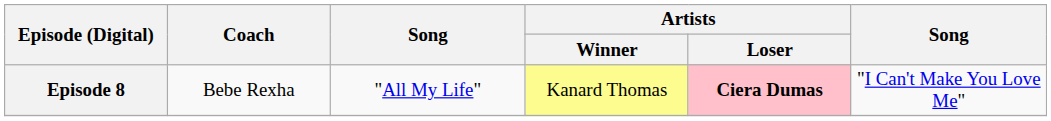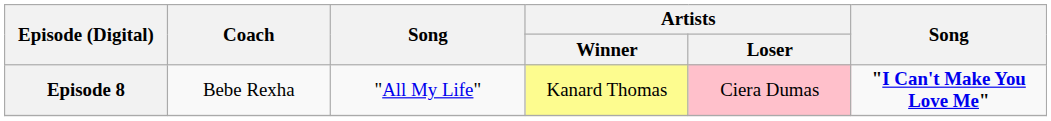 <table class="wikitable" style="text-align: center; width:100%;">
 <tr>
 <th rowspan="2" style="width:15%;">Episode (Digital)</th>
 <th rowspan="2" style="width:15%;">Coach</th>
 <th rowspan="2" style="width:18%;">Song</th>
 <th colspan="2" style="width:30%;">Artists</th>
 <th rowspan="2" style="width:18%;">Song</th>
 </tr>
 <tr>
 <th style="width:15%;">Winner</th>
 <th style="width:15%;">Loser</th>
 </tr>
 <tr>
 <th>Episode 8<br><small></small></th>
 <td>Bebe Rexha</td>
 <td>"<a href='#'>All My Life</a>"</td>
 <td style="background:#fdfc8f;">Kanard Thomas</td>
-<td style="background:pink;"><strong>Ciera Dumas</strong></td>
-<td>"<a href='#'>I Can't Make You Love Me</a>"</td>
+<td style="background:pink;">Ciera Dumas</td>
+<td><strong>"<a href='#'>I Can't Make You Love Me</a>"</strong></td>
 </tr>
 <tr>
 </tr>
 </table>
